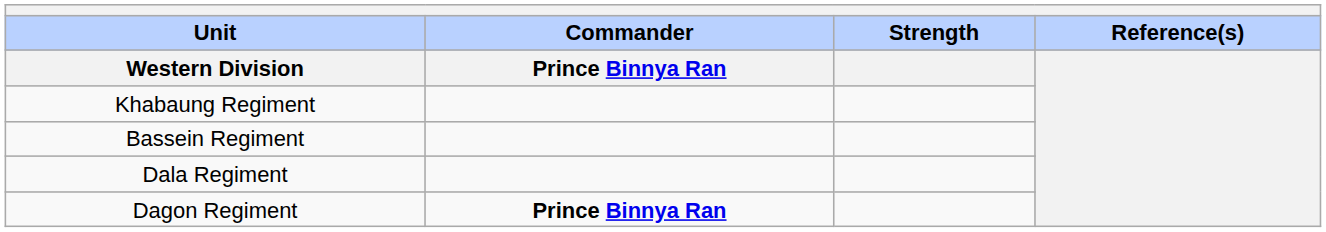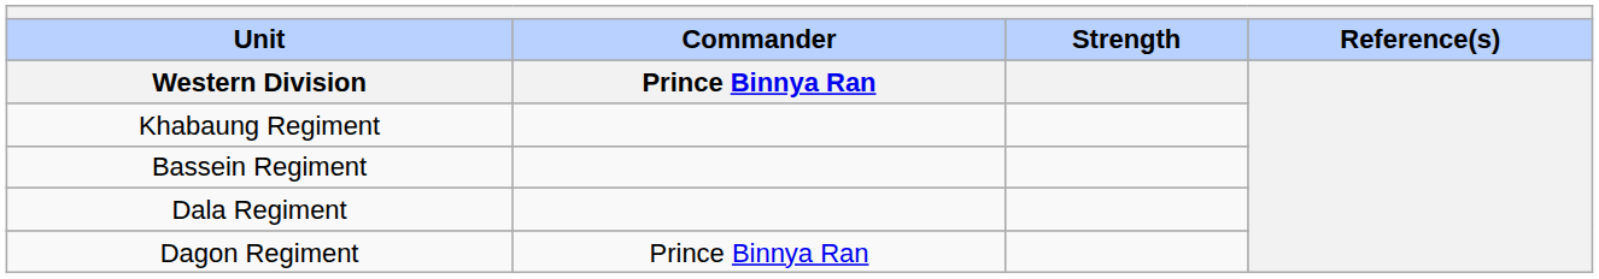 <table class="wikitable collapsible" style="min-width:60em; margin:0.3em auto; font-size:88%;">
 <tr>
 <th colspan=5></th>
 </tr>
 <tr>
 <th style="background-color:#B9D1FF">Unit</th>
 <th style="background-color:#B9D1FF">Commander</th>
 <th style="background-color:#B9D1FF">Strength</th>
 <th style="background-color:#B9D1FF">Reference(s)</th>
 </tr>
 <tr>
 <th colspan="1">Western Division</th>
 <th colspan="1">Prince <a href='#'>Binnya Ran</a></th>
 <th colspan="1"></th>
 <th rowspan="6"></th>
 </tr>
 <tr>
 <td align="center">Khabaung Regiment</td>
 <td align="center"></td>
 <td align="center"></td>
 </tr>
 <tr>
 <td align="center">Bassein Regiment</td>
 <td align="center"></td>
 <td align="center"></td>
 </tr>
 <tr>
 <td align="center">Dala Regiment</td>
 <td align="center"></td>
 <td align="center"></td>
 </tr>
 <tr>
 <td align="center">Dagon Regiment</td>
-<td align="center"><strong>Prince <a href='#'>Binnya Ran</a></strong></td>
+<td align="center">Prince <a href='#'>Binnya Ran</a></td>
 <td align="center"></td>
 </tr>
 </table>
